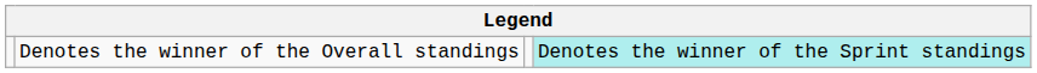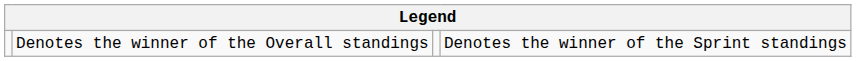 <table class="wikitable">
 <tr>
 <th colspan="4">Legend</th>
 </tr>
 <tr>
 <td></td>
 <td>Denotes the winner of the Overall standings</td>
 <td></td>
-<td style="background: paleturquoise;">Denotes the winner of the Sprint standings</td>
+<td>Denotes the winner of the Sprint standings</td>
 </tr>
 </table>
